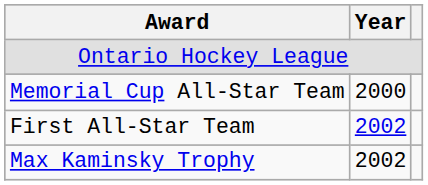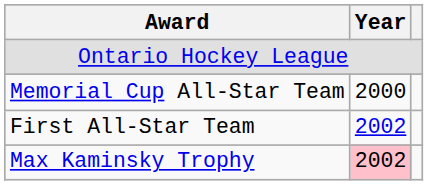 <table class="wikitable">
 <tr>
 <th>Award</th>
 <th>Year</th>
 <th></th>
 </tr>
 <tr ALIGN="center" bgcolor="#e0e0e0">
 <td colspan="3"><a href='#'>Ontario Hockey League</a></td>
 </tr>
 <tr>
 <td><a href='#'>Memorial Cup</a> All-Star Team</td>
 <td>2000</td>
 <td></td>
 </tr>
 <tr>
 <td>First All-Star Team</td>
 <td><a href='#'>2002</a></td>
 <td></td>
 </tr>
 <tr>
 <td><a href='#'>Max Kaminsky Trophy</a></td>
-<td>2002</td>
+<td style="background: pink;">2002</td>
 <td></td>
 </tr>
 </table>
